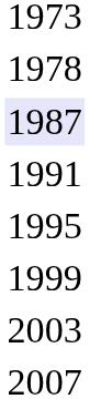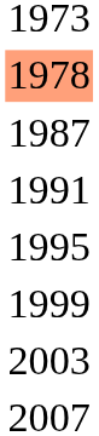 <table>
 <tr>
 <td>1973</td>
 <td></td>
 <td></td>
 <td><br></td>
 </tr>
 <tr>
-<td>1978</td>
+<td style="background: lightsalmon;">1978</td>
 <td></td>
 <td></td>
 <td><br></td>
 </tr>
 <tr>
-<td style="background: lavender;">1987</td>
+<td>1987</td>
 <td></td>
 <td></td>
 <td><br></td>
 </tr>
 <tr>
 <td>1991</td>
 <td></td>
 <td></td>
 <td><br></td>
 </tr>
 <tr>
 <td>1995</td>
 <td></td>
 <td></td>
 <td><br></td>
 </tr>
 <tr>
 <td>1999</td>
 <td></td>
 <td></td>
 <td><br></td>
 </tr>
 <tr>
 <td>2003</td>
 <td></td>
 <td></td>
 <td><br></td>
 </tr>
 <tr>
 <td>2007</td>
 <td></td>
 <td></td>
 <td> <br> </td>
 </tr>
 </table>
